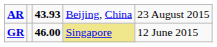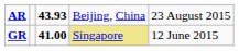 <table class="wikitable" style="font-size:95%; position:relative;">
 <tr>
 <td align=center><strong><a href='#'>AR</a></strong></td>
 <td></td>
 <td><strong>43.93</strong></td>
 <td><a href='#'>Beijing</a>, <a href='#'>China</a></td>
 <td>23 August 2015</td>
 </tr>
 <tr>
 <td align=center><strong><a href='#'>GR</a></strong></td>
 <td></td>
-<td><strong>46.00</strong></td>
+<td><strong>41.00</strong></td>
 <td style="background: khaki;"><a href='#'>Singapore</a></td>
 <td>12 June 2015</td>
 </tr>
 </table>
